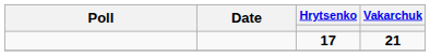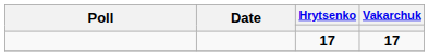 <table class="wikitable" style="text-align:center;font-size:95%;line-height:14px;">
 <tr>
 <th rowspan=2 style="width:200px;">Poll</th>
 <th rowspan=2 style="width:100px;">Date</th>
 <th><small><a href='#'>Hrytsenko</a></small><br></th>
 <th><small><a href='#'>Vakarchuk</a></small><br></th>
 </tr>
 <tr>
 <th style="background:"></th>
 <th style="background:"></th>
 </tr>
 <tr>
 <td> </td>
 <td></td>
 <td style="background-color:#"><strong>17</strong></td>
-<td style="background-color:#"><strong>21</strong></td>
+<td style="background-color:#"><strong>17</strong></td>
 </tr>
 <tr>
 </tr>
 </table>
